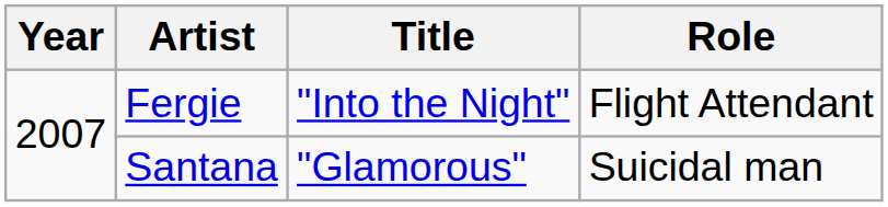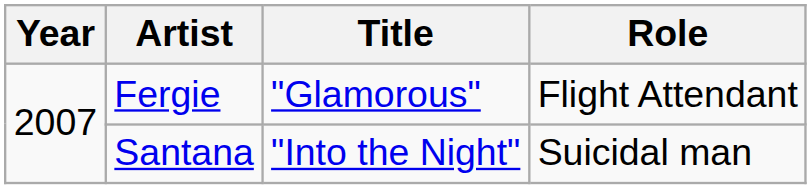 <table class="wikitable sortable">
 <tr>
 <th>Year</th>
 <th>Artist</th>
 <th>Title</th>
 <th>Role</th>
 </tr>
 <tr>
 <td rowspan="2">2007</td>
 <td><a href='#'>Fergie</a></td>
-<td><a href='#'>"Into the Night"</a></td>
+<td><a href='#'>"Glamorous"</a></td>
 <td>Flight Attendant</td>
 </tr>
 <tr>
 <td><a href='#'>Santana</a></td>
-<td><a href='#'>"Glamorous"</a></td>
+<td><a href='#'>"Into the Night"</a></td>
 <td>Suicidal man</td>
 </tr>
 </table>
